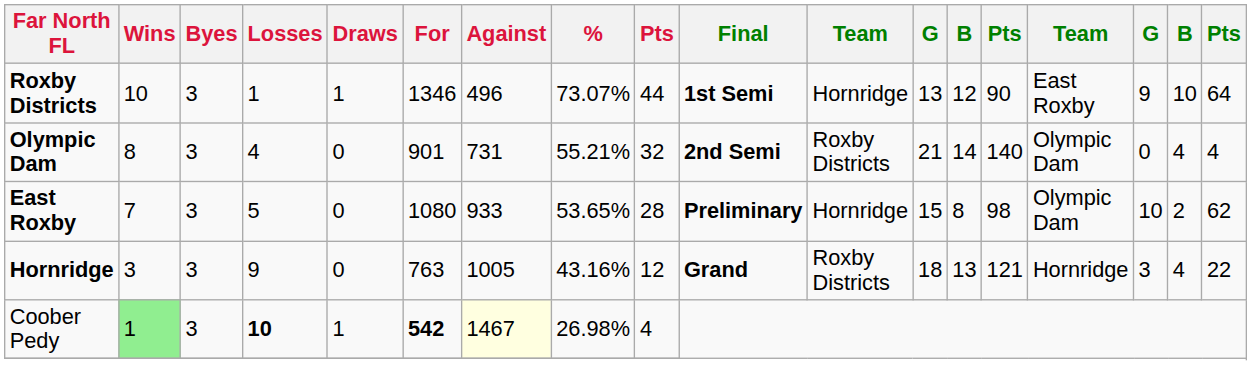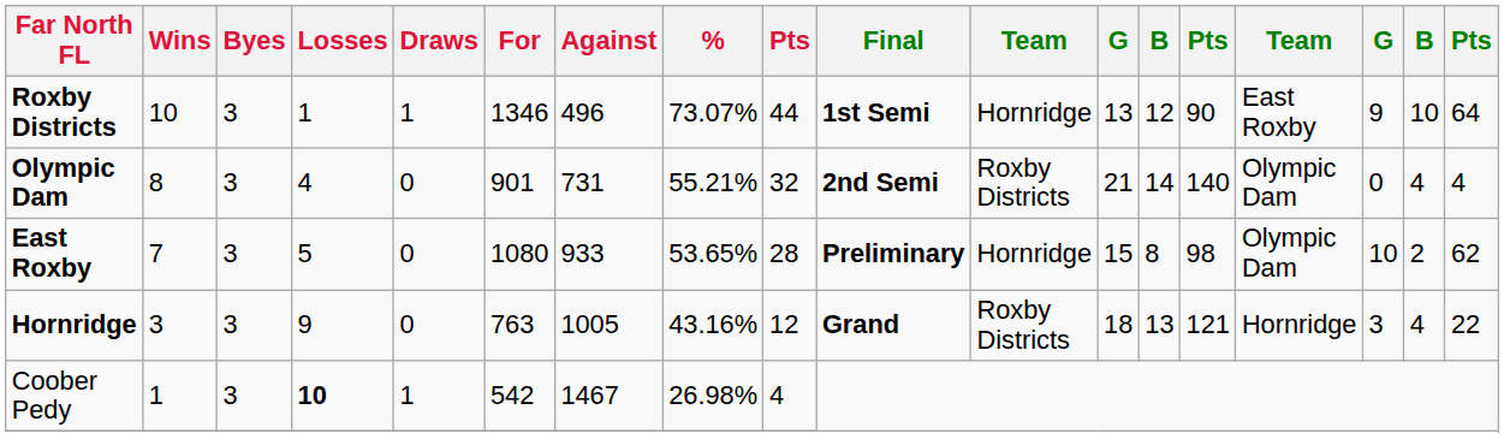 <table class="wikitable">
 <tr>
 <th style="color:crimson">Far North FL</th>
 <th style="color:crimson">Wins</th>
 <th style="color:crimson">Byes</th>
 <th style="color:crimson">Losses</th>
 <th style="color:crimson">Draws</th>
 <th style="color:crimson">For</th>
 <th style="color:crimson">Against</th>
 <th style="color:crimson">%</th>
 <th style="color:crimson">Pts</th>
 <th style="color:green">Final</th>
 <th style="color:green">Team</th>
 <th style="color:green">G</th>
 <th style="color:green">B</th>
 <th style="color:green">Pts</th>
 <th style="color:green">Team</th>
 <th style="color:green">G</th>
 <th style="color:green">B</th>
 <th style="color:green">Pts</th>
 </tr>
 <tr>
 <td><strong>	Roxby Districts	</strong></td>
 <td>10</td>
 <td>3</td>
 <td>1</td>
 <td>1</td>
 <td>1346</td>
 <td>496</td>
 <td>73.07%</td>
 <td>44</td>
 <td><strong>1st Semi</strong></td>
 <td>Hornridge</td>
 <td>13</td>
 <td>12</td>
 <td>90</td>
 <td>East Roxby</td>
 <td>9</td>
 <td>10</td>
 <td>64</td>
 </tr>
 <tr>
 <td><strong>	Olympic Dam	</strong></td>
 <td>8</td>
 <td>3</td>
 <td>4</td>
 <td>0</td>
 <td>901</td>
 <td>731</td>
 <td>55.21%</td>
 <td>32</td>
 <td><strong>2nd Semi</strong></td>
 <td>Roxby Districts</td>
 <td>21</td>
 <td>14</td>
 <td>140</td>
 <td>Olympic Dam</td>
 <td>0</td>
 <td>4</td>
 <td>4</td>
 </tr>
 <tr>
 <td><strong>	East Roxby	</strong></td>
 <td>7</td>
 <td>3</td>
 <td>5</td>
 <td>0</td>
 <td>1080</td>
 <td>933</td>
 <td>53.65%</td>
 <td>28</td>
 <td><strong>Preliminary</strong></td>
 <td>Hornridge</td>
 <td>15</td>
 <td>8</td>
 <td>98</td>
 <td>Olympic Dam</td>
 <td>10</td>
 <td>2</td>
 <td>62</td>
 </tr>
 <tr>
 <td><strong>	Hornridge	</strong></td>
 <td>3</td>
 <td>3</td>
 <td>9</td>
 <td>0</td>
 <td>763</td>
 <td>1005</td>
 <td>43.16%</td>
 <td>12</td>
 <td><strong>Grand</strong></td>
 <td>Roxby Districts</td>
 <td>18</td>
 <td>13</td>
 <td>121</td>
 <td>Hornridge</td>
 <td>3</td>
 <td>4</td>
 <td>22</td>
 </tr>
 <tr>
 <td>Coober Pedy</td>
-<td style="background: lightgreen;">1</td>
+<td>1</td>
 <td>3</td>
 <td><strong>10</strong></td>
 <td>1</td>
-<td><strong>542</strong></td>
-<td style="background: lightyellow;">1467</td>
+<td>542</td>
+<td>1467</td>
 <td>26.98%</td>
 <td>4</td>
 </tr>
 <tr>
 </tr>
 </table>
